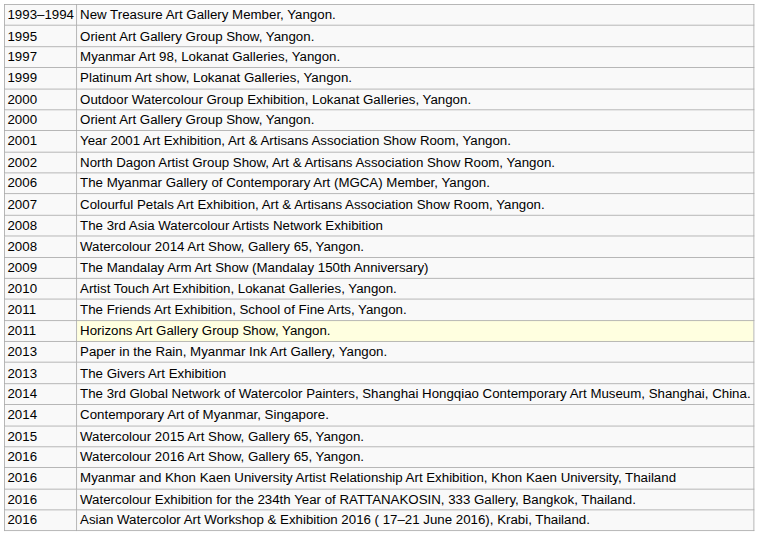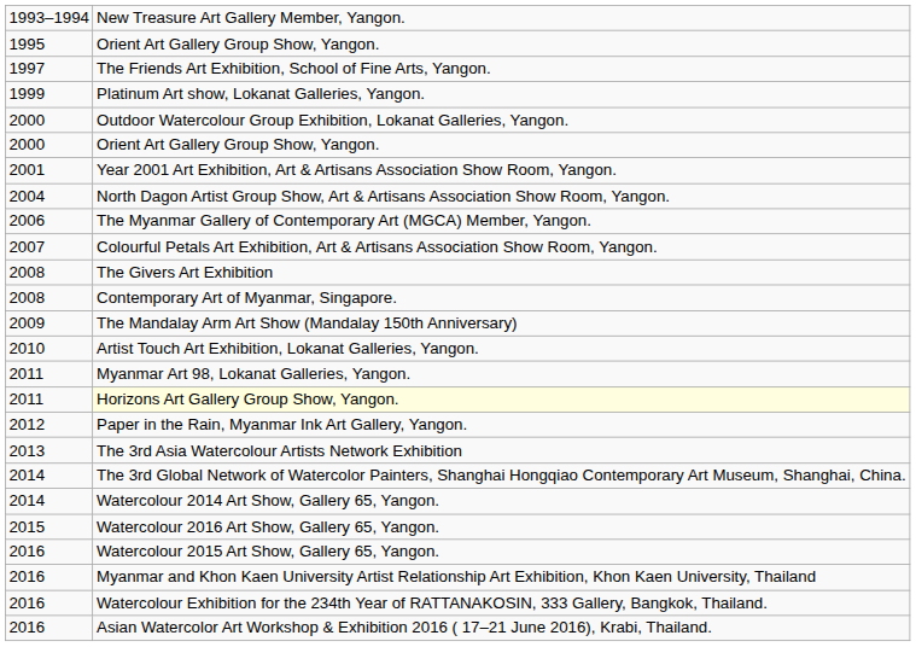 <table class="wikitable">
 <tr>
 <td>1993–1994</td>
 <td>New Treasure Art Gallery Member, Yangon.</td>
 </tr>
 <tr>
 <td>1995</td>
 <td>Orient Art Gallery Group Show, Yangon.</td>
 </tr>
 <tr>
 <td>1997</td>
-<td>Myanmar Art 98, Lokanat Galleries, Yangon.</td>
+<td>The Friends Art Exhibition, School of Fine Arts, Yangon.</td>
 </tr>
 <tr>
 <td>1999</td>
 <td>Platinum Art show, Lokanat Galleries, Yangon.</td>
 </tr>
 <tr>
 <td>2000</td>
 <td>Outdoor Watercolour Group Exhibition, Lokanat Galleries, Yangon.</td>
 </tr>
 <tr>
 <td>2000</td>
 <td>Orient Art Gallery Group Show, Yangon.</td>
 </tr>
 <tr>
 <td>2001</td>
 <td>Year 2001 Art Exhibition, Art & Artisans Association Show Room, Yangon.</td>
 </tr>
 <tr>
-<td>2002</td>
+<td>2004</td>
 <td>North Dagon Artist Group Show, Art & Artisans Association Show Room, Yangon.</td>
 </tr>
 <tr>
 <td>2006</td>
 <td>The Myanmar Gallery of Contemporary Art (MGCA) Member, Yangon.</td>
 </tr>
 <tr>
 <td>2007</td>
 <td>Colourful Petals Art Exhibition, Art & Artisans Association Show Room, Yangon.</td>
 </tr>
 <tr>
 <td>2008</td>
-<td>The 3rd Asia Watercolour Artists Network Exhibition</td>
+<td>The Givers Art Exhibition</td>
 </tr>
 <tr>
 <td>2008</td>
-<td>Watercolour 2014 Art Show, Gallery 65, Yangon.</td>
+<td>Contemporary Art of Myanmar, Singapore.</td>
 </tr>
 <tr>
 <td>2009</td>
 <td>The Mandalay Arm Art Show (Mandalay 150th Anniversary)</td>
 </tr>
 <tr>
 <td>2010</td>
 <td>Artist Touch Art Exhibition, Lokanat Galleries, Yangon.</td>
 </tr>
 <tr>
 <td>2011</td>
-<td>The Friends Art Exhibition, School of Fine Arts, Yangon.</td>
+<td>Myanmar Art 98, Lokanat Galleries, Yangon.</td>
 </tr>
 <tr>
 <td>2011</td>
 <td style="background: lightyellow;">Horizons Art Gallery Group Show, Yangon.</td>
 </tr>
 <tr>
-<td>2013</td>
+<td>2012</td>
 <td>Paper in the Rain, Myanmar Ink Art Gallery, Yangon.</td>
 </tr>
 <tr>
 <td>2013</td>
-<td>The Givers Art Exhibition</td>
+<td>The 3rd Asia Watercolour Artists Network Exhibition</td>
 </tr>
 <tr>
 <td>2014</td>
 <td>The 3rd Global Network of Watercolor Painters, Shanghai Hongqiao Contemporary Art Museum, Shanghai, China.</td>
 </tr>
 <tr>
 <td>2014</td>
-<td>Contemporary Art of Myanmar, Singapore.</td>
+<td>Watercolour 2014 Art Show, Gallery 65, Yangon.</td>
 </tr>
 <tr>
 <td>2015</td>
-<td>Watercolour 2015 Art Show, Gallery 65, Yangon.</td>
+<td>Watercolour 2016 Art Show, Gallery 65, Yangon.</td>
 </tr>
 <tr>
 <td>2016</td>
-<td>Watercolour 2016 Art Show, Gallery 65, Yangon.</td>
+<td>Watercolour 2015 Art Show, Gallery 65, Yangon.</td>
 </tr>
 <tr>
 <td>2016</td>
 <td>Myanmar and Khon Kaen University Artist Relationship Art Exhibition, Khon Kaen University, Thailand</td>
 </tr>
 <tr>
 <td>2016</td>
 <td>Watercolour Exhibition for the 234th Year of RATTANAKOSIN, 333 Gallery, Bangkok, Thailand.</td>
 </tr>
 <tr>
 <td>2016</td>
 <td>Asian Watercolor Art Workshop & Exhibition 2016 ( 17–21 June 2016), Krabi, Thailand.</td>
 </tr>
 </table>
